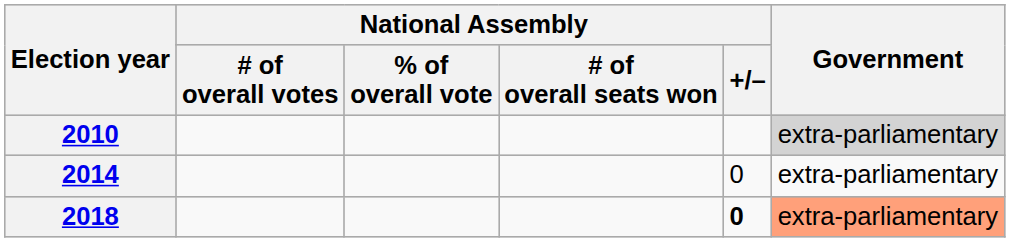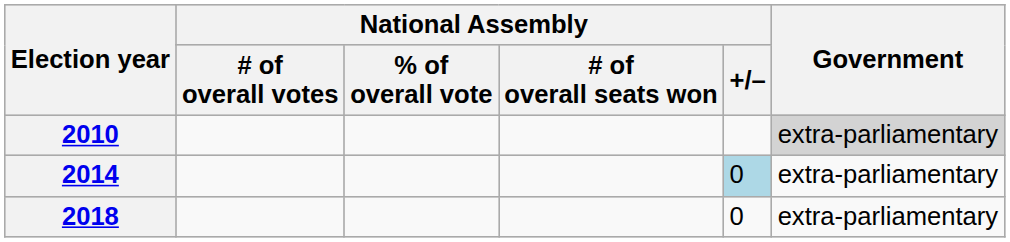 <table class=wikitable>
 <tr>
 <th rowspan=2>Election year</th>
 <th colspan=4>National Assembly</th>
 <th rowspan=2>Government</th>
 </tr>
 <tr>
 <th># of<br>overall votes</th>
 <th>% of<br>overall vote</th>
 <th># of<br>overall seats won</th>
 <th>+/–</th>
 </tr>
 <tr>
 <th><a href='#'>2010</a></th>
 <td></td>
 <td></td>
 <td></td>
 <td></td>
 <td style="background: lightgrey;">extra-parliamentary</td>
 </tr>
 <tr>
 <th><a href='#'>2014</a></th>
 <td></td>
 <td></td>
 <td></td>
-<td> 0</td>
+<td style="background: lightblue;"> 0</td>
 <td>extra-parliamentary</td>
 </tr>
 <tr>
 <th><a href='#'>2018</a></th>
 <td></td>
 <td></td>
 <td></td>
-<td><strong> 0</strong></td>
-<td style="background: lightsalmon;">extra-parliamentary</td>
+<td> 0</td>
+<td>extra-parliamentary</td>
 </tr>
 </table>
